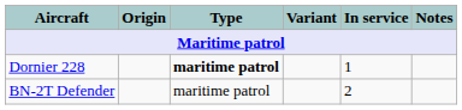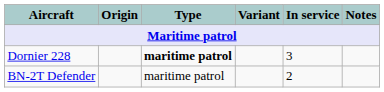 <table class="wikitable">
 <tr>
 <th style="text-align:center; background:#acc;">Aircraft</th>
 <th style="text-align: center; background:#acc;">Origin</th>
 <th style="text-align:l center; background:#acc;">Type</th>
 <th style="text-align:left; background:#acc;">Variant</th>
 <th style="text-align:center; background:#acc;">In service</th>
 <th style="text-align: center; background:#acc;">Notes</th>
 </tr>
 <tr>
 <th colspan="6" style="align: center; background: lavender;"><a href='#'>Maritime patrol</a></th>
 </tr>
 <tr>
 <td><a href='#'>Dornier 228</a></td>
 <td><br></td>
 <td><strong>maritime patrol</strong></td>
 <td></td>
-<td>1</td>
+<td>3</td>
 <td></td>
 </tr>
 <tr>
 <td><a href='#'>BN-2T Defender</a></td>
 <td></td>
 <td>maritime patrol</td>
 <td></td>
 <td>2</td>
 <td></td>
 </tr>
 </table>
